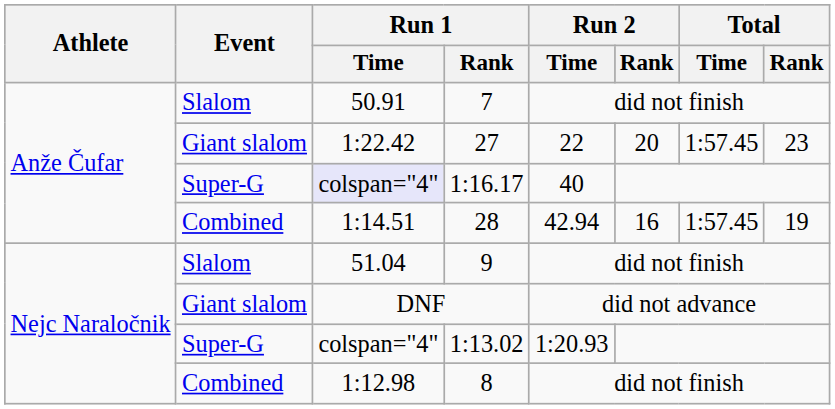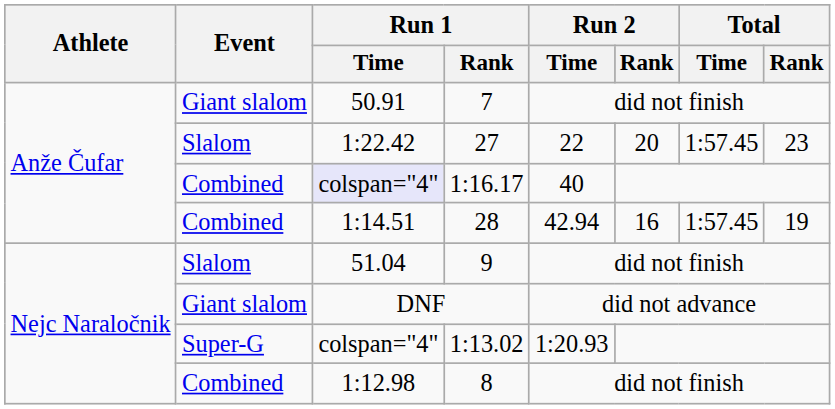 <table class="wikitable" style="font-size:90%">
 <tr>
 <th rowspan=2>Athlete</th>
 <th rowspan=2>Event</th>
 <th colspan=2>Run 1</th>
 <th colspan=2>Run 2</th>
 <th colspan=2>Total</th>
 </tr>
 <tr style="font-size:95%">
 <th>Time</th>
 <th>Rank</th>
 <th>Time</th>
 <th>Rank</th>
 <th>Time</th>
 <th>Rank</th>
 </tr>
 <tr align=center>
 <td align="left" rowspan="4"><a href='#'>Anže Čufar</a></td>
-<td align="left"><a href='#'>Slalom</a></td>
+<td align="left"><a href='#'>Giant slalom</a></td>
 <td>50.91</td>
 <td>7</td>
 <td colspan=4>did not finish</td>
 </tr>
 <tr align=center>
-<td align="left"><a href='#'>Giant slalom</a></td>
+<td align="left"><a href='#'>Slalom</a></td>
 <td>1:22.42</td>
 <td>27</td>
 <td>22</td>
 <td>20</td>
 <td>1:57.45</td>
 <td>23</td>
 </tr>
 <tr align=center>
-<td align="left"><a href='#'>Super-G</a></td>
+<td align="left"><a href='#'>Combined</a></td>
 <td style="background: lavender;">colspan="4" </td>
 <td>1:16.17</td>
 <td>40</td>
 </tr>
 <tr align=center>
 <td align="left"><a href='#'>Combined</a></td>
 <td>1:14.51</td>
 <td>28</td>
 <td>42.94</td>
 <td>16</td>
 <td>1:57.45</td>
 <td>19</td>
 </tr>
 <tr align=center>
 <td align="left" rowspan="4"><a href='#'>Nejc Naraločnik</a></td>
 <td align="left"><a href='#'>Slalom</a></td>
 <td>51.04</td>
 <td>9</td>
 <td colspan=4>did not finish</td>
 </tr>
 <tr align=center>
 <td align="left"><a href='#'>Giant slalom</a></td>
 <td colspan=2>DNF</td>
 <td colspan=4>did not advance</td>
 </tr>
 <tr align=center>
 <td align="left"><a href='#'>Super-G</a></td>
 <td>colspan="4" </td>
 <td>1:13.02</td>
 <td>1:20.93</td>
 </tr>
 <tr align=center>
 <td align="left"><a href='#'>Combined</a></td>
 <td>1:12.98</td>
 <td>8</td>
 <td colspan=4>did not finish</td>
 </tr>
 </table>
